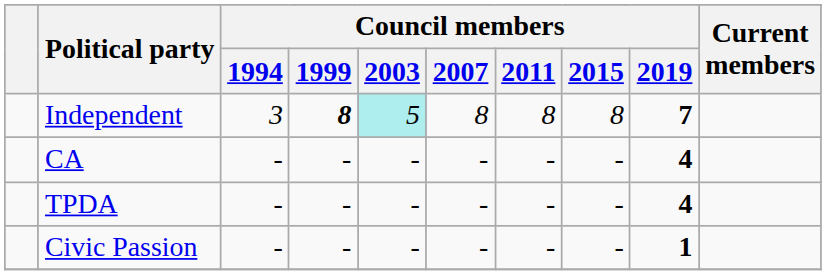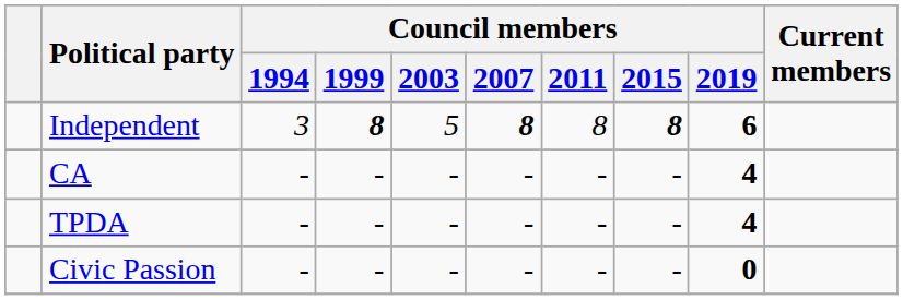 <table class="wikitable">
 <tr>
 <th rowspan="2">   </th>
 <th rowspan="2">Political party</th>
 <th colspan="7">Council members</th>
 <th colspan="23" rowspan="2">Current<br>members</th>
 </tr>
 <tr>
 <th><a href='#'>1994</a></th>
 <th><a href='#'>1999</a></th>
 <th><a href='#'>2003</a></th>
 <th><a href='#'>2007</a></th>
 <th><a href='#'>2011</a></th>
 <th><a href='#'>2015</a></th>
 <th><a href='#'>2019</a></th>
 </tr>
 <tr>
 <td bgcolor=> </td>
 <td><a href='#'>Independent</a></td>
 <td style="text-align: right"><em>3</em></td>
 <td style="text-align: right"><strong><em>8</em></strong></td>
-<td style="background: paleturquoise; text-align: right"><em>5</em></td>
+<td style="text-align: right"><em>5</em></td>
+<td style="text-align: right"><strong><em>8</em></strong></td>
 <td style="text-align: right"><em>8</em></td>
-<td style="text-align: right"><em>8</em></td>
-<td style="text-align: right"><em>8</em></td>
-<td style="text-align: right"><strong>7</strong></td>
+<td style="text-align: right"><strong><em>8</em></strong></td>
+<td style="text-align: right"><strong>6</strong></td>
 <td></td>
 </tr>
 <tr>
 <td style="background-color:"> </td>
 <td><a href='#'>CA</a></td>
 <td style="text-align: right"><em>-</em></td>
 <td style="text-align: right"><em>-</em></td>
 <td style="text-align: right"><em>-</em></td>
 <td style="text-align: right"><em>-</em></td>
 <td style="text-align: right"><em>-</em></td>
 <td style="text-align: right"><em>-</em></td>
 <td style="text-align: right"><strong>4</strong></td>
 <td></td>
 </tr>
 <tr>
 <td style="background-color:"> </td>
 <td><a href='#'>TPDA</a></td>
 <td style="text-align: right"><em>-</em></td>
 <td style="text-align: right"><em>-</em></td>
 <td style="text-align: right"><em>-</em></td>
 <td style="text-align: right"><em>-</em></td>
 <td style="text-align: right"><em>-</em></td>
 <td style="text-align: right"><em>-</em></td>
 <td style="text-align: right"><strong>4</strong></td>
 <td></td>
 </tr>
 <tr>
 <td style="background-color:"> </td>
 <td><a href='#'>Civic Passion</a></td>
 <td style="text-align: right"><em>-</em></td>
 <td style="text-align: right"><em>-</em></td>
 <td style="text-align: right"><em>-</em></td>
 <td style="text-align: right"><em>-</em></td>
 <td style="text-align: right"><em>-</em></td>
 <td style="text-align: right"><em>-</em></td>
-<td style="text-align: right"><strong>1</strong></td>
+<td style="text-align: right"><strong>0</strong></td>
 <td></td>
 </tr>
 <tr>
 </tr>
 </table>
